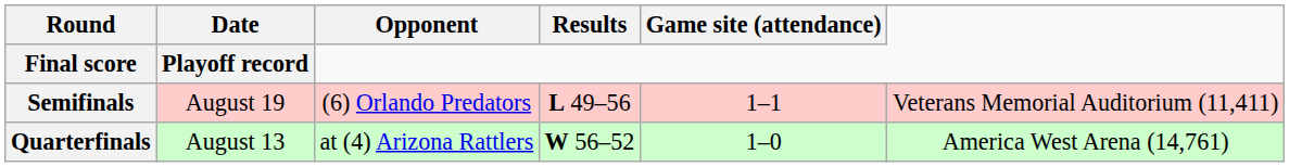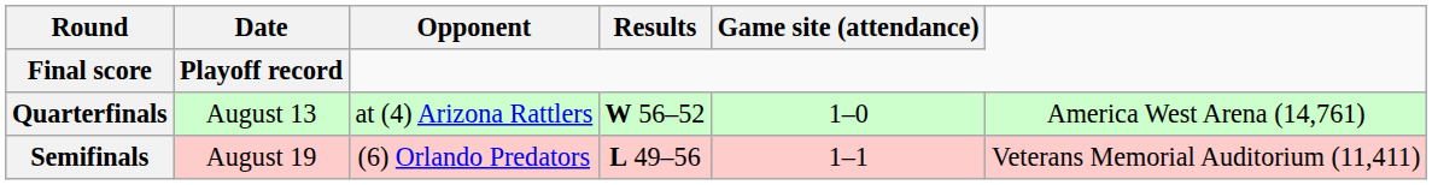 <table class="wikitable" style="font-size: 92%;" "align=center">
 <tr>
 <th>Round</th>
 <th>Date</th>
 <th>Opponent</th>
 <th>Results</th>
 <th>Game site (attendance)</th>
 </tr>
 <tr>
 <th>Final score</th>
 <th>Playoff record</th>
 </tr>
+<tr style="background:#cfc">
+<th>Quarterfinals</th>
+<td style="text-align:center;">August 13</td>
+<td style="text-align:center;">at (4) <a href='#'>Arizona Rattlers</a></td>
+<td style="text-align:center;"><strong>W</strong> 56–52</td>
+<td style="text-align:center;">1–0</td>
+<td style="text-align:center;">America West Arena (14,761)</td>
+</tr>
 <tr style="background:#fcc">
 <th>Semifinals</th>
 <td style="text-align:center;">August 19</td>
 <td style="text-align:center;">(6) <a href='#'>Orlando Predators</a></td>
 <td style="text-align:center;"><strong>L</strong> 49–56</td>
 <td style="text-align:center;">1–1</td>
 <td style="text-align:center;">Veterans Memorial Auditorium (11,411)</td>
 </tr>
-<tr style="background:#cfc">
-<th>Quarterfinals</th>
-<td style="text-align:center;">August 13</td>
-<td style="text-align:center;">at (4) <a href='#'>Arizona Rattlers</a></td>
-<td style="text-align:center;"><strong>W</strong> 56–52</td>
-<td style="text-align:center;">1–0</td>
-<td style="text-align:center;">America West Arena (14,761)</td>
-</tr>
 </table>
